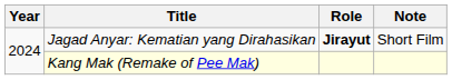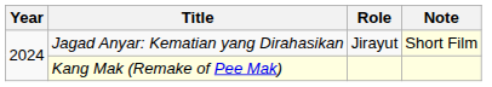 <table class="wikitable">
 <tr>
 <th>Year</th>
 <th>Title</th>
 <th>Role</th>
 <th>Note</th>
 </tr>
 <tr>
 <td rowspan="2">2024</td>
 <td><em>Jagad Anyar: Kematian yang Dirahasikan</em></td>
-<td><strong>Jirayut</strong></td>
-<td>Short Film</td>
+<td>Jirayut</td>
+<td style="background: lightyellow;">Short Film</td>
 </tr>
 <tr style="background-color:#FFFFE0; color:black;">
 <td><em>Kang Mak (Remake of <a href='#'>Pee Mak</a>)</em></td>
 <td></td>
 <td></td>
 </tr>
 </table>
